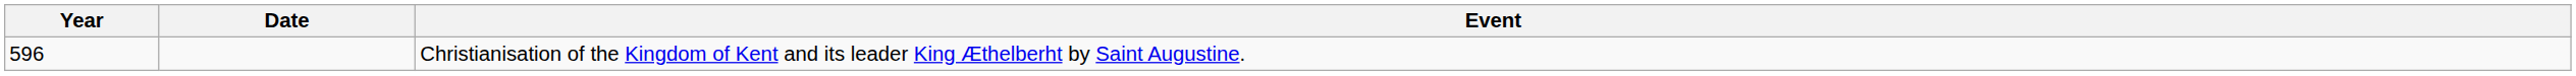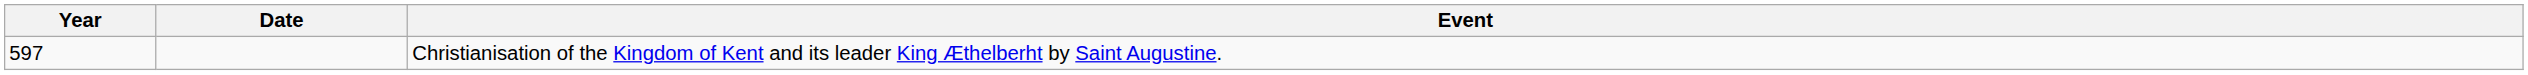 <table class="wikitable" width="100%">
 <tr>
 <th style="width:6%">Year</th>
 <th style="width:10%">Date</th>
 <th>Event</th>
 </tr>
 <tr>
-<td>596</td>
+<td>597</td>
 <td></td>
 <td>Christianisation of the <a href='#'>Kingdom of Kent</a> and its leader <a href='#'>King Æthelberht</a> by <a href='#'>Saint Augustine</a>.</td>
 </tr>
 </table>
